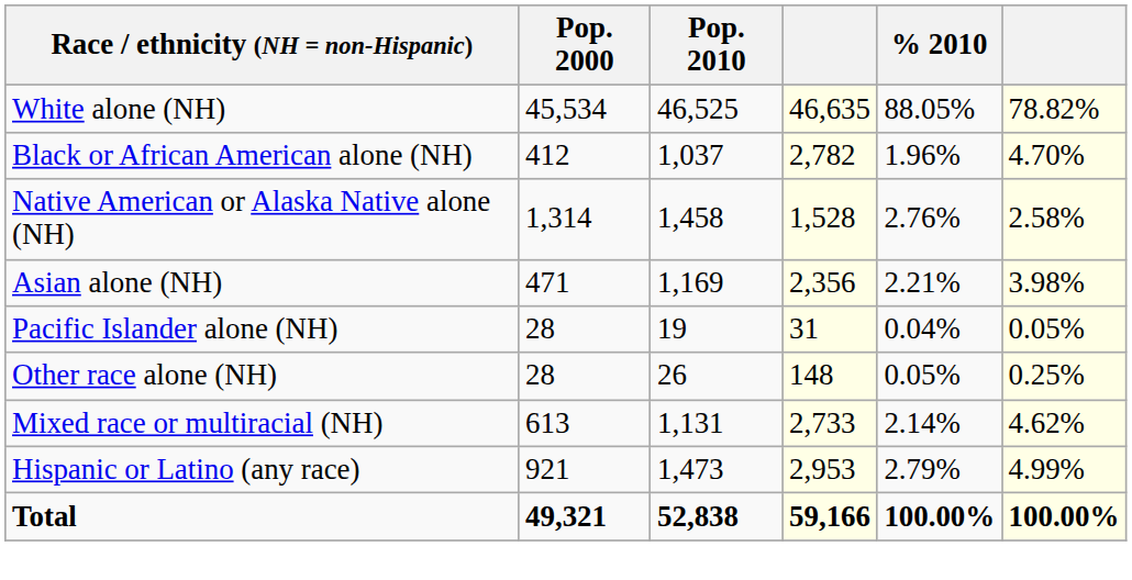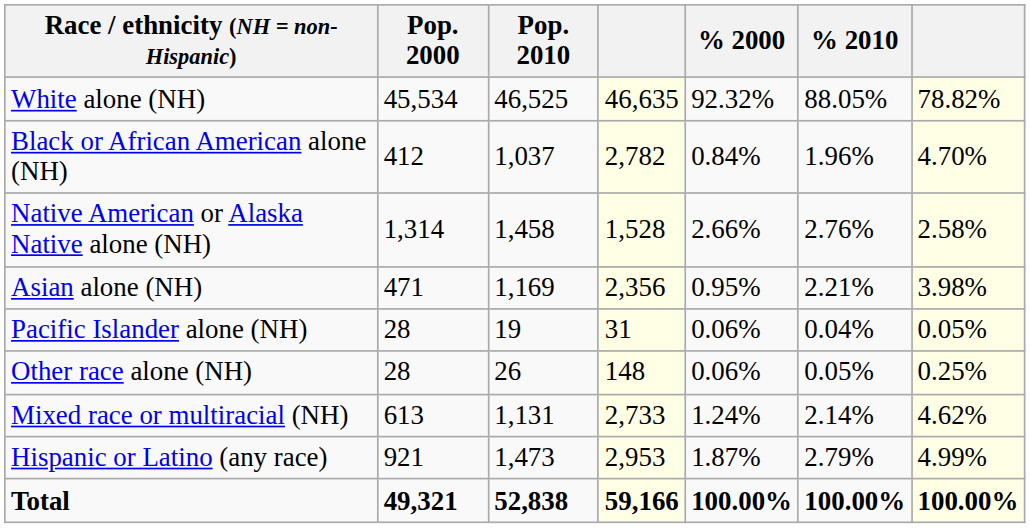 <table class="wikitable">
 <tr>
 <th>Race / ethnicity <small>(<em>NH = non-Hispanic</em>)</small></th>
 <th>Pop. 2000</th>
 <th>Pop. 2010</th>
 <th></th>
+<th>% 2000</th>
 <th>% 2010</th>
 <th></th>
 </tr>
 <tr>
 <td><a href='#'>White</a> alone (NH)</td>
 <td>45,534</td>
 <td>46,525</td>
 <td style='background: #ffffe6;'>46,635</td>
+<td>92.32%</td>
 <td>88.05%</td>
 <td style='background: #ffffe6;'>78.82%</td>
 </tr>
 <tr>
 <td><a href='#'>Black or African American</a> alone (NH)</td>
 <td>412</td>
 <td>1,037</td>
 <td style='background: #ffffe6;'>2,782</td>
+<td>0.84%</td>
 <td>1.96%</td>
 <td style='background: #ffffe6;'>4.70%</td>
 </tr>
 <tr>
 <td><a href='#'>Native American</a> or <a href='#'>Alaska Native</a> alone (NH)</td>
 <td>1,314</td>
 <td>1,458</td>
 <td style='background: #ffffe6;'>1,528</td>
+<td>2.66%</td>
 <td>2.76%</td>
 <td style='background: #ffffe6;'>2.58%</td>
 </tr>
 <tr>
 <td><a href='#'>Asian</a> alone (NH)</td>
 <td>471</td>
 <td>1,169</td>
 <td style='background: #ffffe6;'>2,356</td>
+<td>0.95%</td>
 <td>2.21%</td>
 <td style='background: #ffffe6;'>3.98%</td>
 </tr>
 <tr>
 <td><a href='#'>Pacific Islander</a> alone (NH)</td>
 <td>28</td>
 <td>19</td>
 <td style='background: #ffffe6;'>31</td>
+<td>0.06%</td>
 <td>0.04%</td>
 <td style='background: #ffffe6;'>0.05%</td>
 </tr>
 <tr>
 <td><a href='#'>Other race</a> alone (NH)</td>
 <td>28</td>
 <td>26</td>
 <td style='background: #ffffe6;'>148</td>
+<td>0.06%</td>
 <td>0.05%</td>
 <td style='background: #ffffe6;'>0.25%</td>
 </tr>
 <tr>
 <td><a href='#'>Mixed race or multiracial</a> (NH)</td>
 <td>613</td>
 <td>1,131</td>
 <td style='background: #ffffe6;'>2,733</td>
+<td>1.24%</td>
 <td>2.14%</td>
 <td style='background: #ffffe6;'>4.62%</td>
 </tr>
 <tr>
 <td><a href='#'>Hispanic or Latino</a> (any race)</td>
 <td>921</td>
 <td>1,473</td>
 <td style='background: #ffffe6;'>2,953</td>
+<td>1.87%</td>
 <td>2.79%</td>
 <td style='background: #ffffe6;'>4.99%</td>
 </tr>
 <tr>
 <td><strong>Total</strong></td>
 <td><strong>49,321</strong></td>
 <td><strong>52,838</strong></td>
 <td style='background: #ffffe6;'><strong>59,166</strong></td>
 <td><strong>100.00%</strong></td>
+<td><strong>100.00%</strong></td>
 <td style='background: #ffffe6;'><strong>100.00%</strong></td>
 </tr>
 </table>
